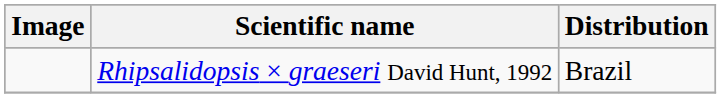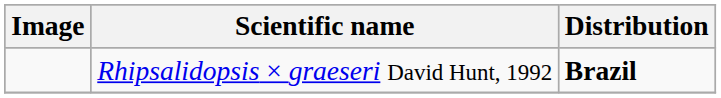 <table class="wikitable">
 <tr>
 <th>Image</th>
 <th>Scientific name</th>
 <th>Distribution</th>
 </tr>
 <tr>
 <td></td>
 <td><a href='#'><em>Rhipsalidopsis</em> × <em>graeseri</em></a> <small>David Hunt, 1992</small></td>
-<td>Brazil</td>
+<td><strong>Brazil</strong></td>
 </tr>
 <tr>
 </tr>
 </table>
